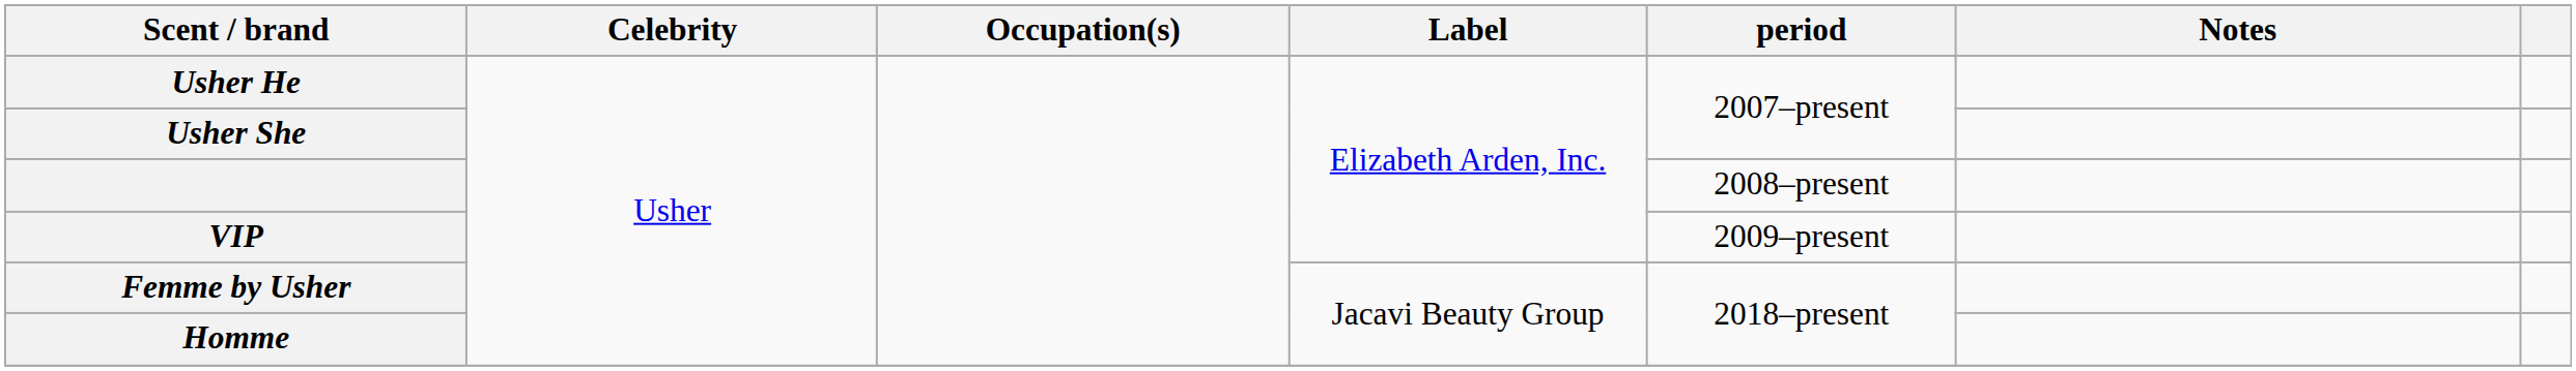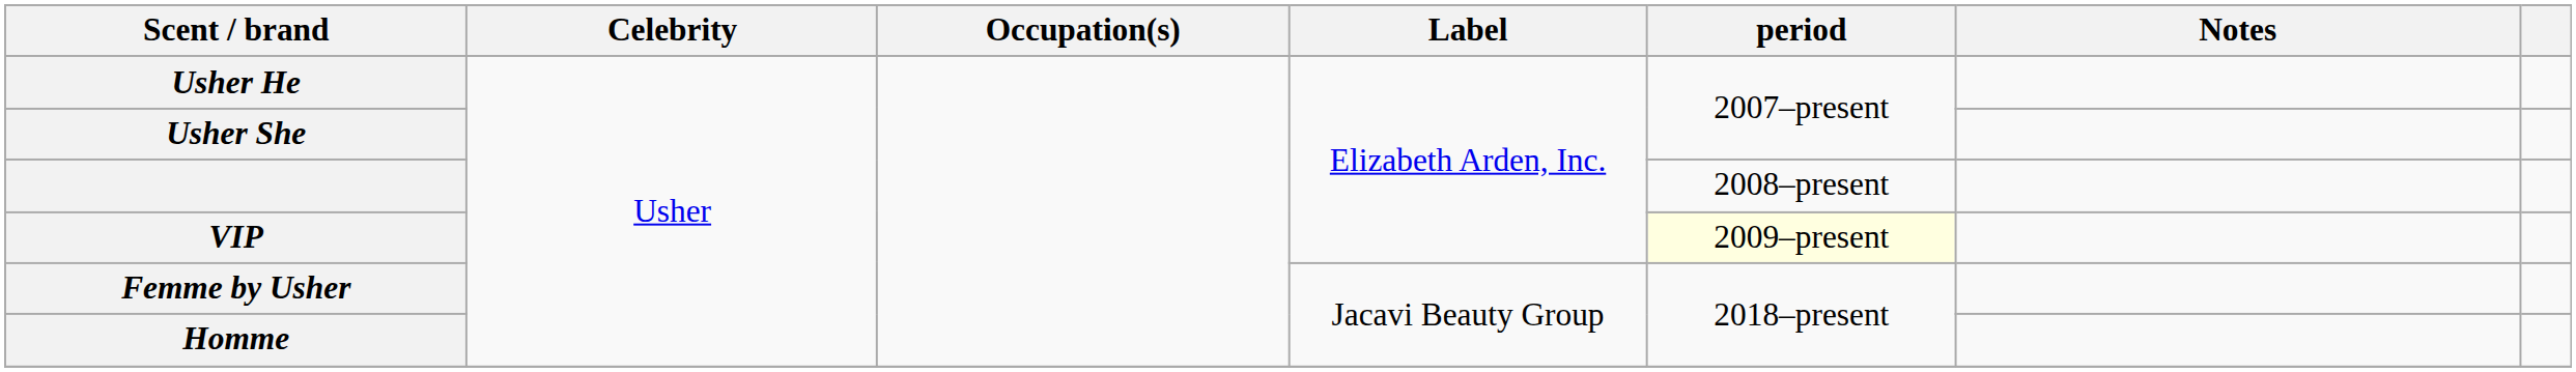 <table class="wikitable sortable plainrowheaders" font-size:95%; style="text-align:center;" width="100%;">
 <tr>
 <th scope="col" width="18%">Scent / brand</th>
 <th scope="col" width:"16%">Celebrity</th>
 <th scope="col" width="16%">Occupation(s)</th>
 <th scope="col" width="14%">Label</th>
 <th scope="col" width="12%"> period</th>
 <th scope="col" width="22%;" class="unsortable">Notes</th>
 <th scope="col" width="2%;" class="unsortable"></th>
 </tr>
 <tr>
 <th scope="row"><em>Usher He</em></th>
 <td rowspan="6"><a href='#'>Usher</a></td>
 <td rowspan="6" style="text-align:left;"></td>
 <td rowspan="4"><a href='#'>Elizabeth Arden, Inc.</a></td>
 <td rowspan="2">2007–present</td>
 <td></td>
 <td></td>
 </tr>
 <tr>
 <th scope="row"><em>Usher She</em></th>
 <td></td>
 <td></td>
 </tr>
 <tr>
 <th scope="row"></th>
 <td>2008–present</td>
 <td></td>
 <td></td>
 </tr>
 <tr>
 <th scope="row"><em>VIP</em></th>
-<td>2009–present</td>
+<td style="background: lightyellow;">2009–present</td>
 <td></td>
 <td></td>
 </tr>
 <tr>
 <th scope="row"><em>Femme by Usher</em></th>
 <td rowspan="2">Jacavi Beauty Group</td>
 <td rowspan="2">2018–present</td>
 <td></td>
 <td></td>
 </tr>
 <tr>
 <th scope="row"><em>Homme</em></th>
 <td></td>
 <td></td>
 </tr>
 <tr>
 </tr>
 </table>
